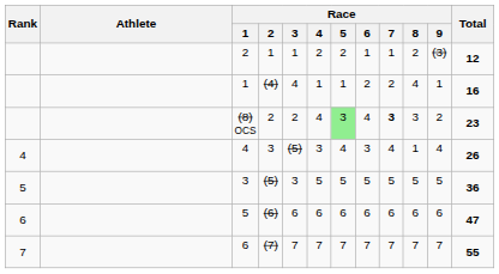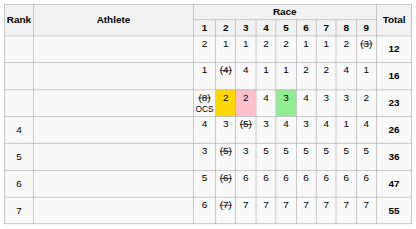 <table | class="wikitable" style="text-align:center">
 <tr>
 <th rowspan="2" width=40>Rank</th>
 <th rowspan="2" width=250>Athlete</th>
 <th colspan="9">Race</th>
 <th rowspan="2" width=50>Total</th>
 </tr>
 <tr>
 <th width=25>1</th>
 <th width=25>2</th>
 <th width=25>3</th>
 <th width=25>4</th>
 <th width=25>5</th>
 <th width=25>6</th>
 <th width=25>7</th>
 <th width=25>8</th>
 <th width=25>9</th>
 </tr>
 <tr>
 <td></td>
 <td align=left></td>
 <td>2<br> </td>
 <td>1<br> </td>
 <td>1<br> </td>
 <td>2<br> </td>
 <td>2<br> </td>
 <td>1<br> </td>
 <td>1<br> </td>
 <td>2<br> </td>
 <td><s>(3)</s><br> </td>
 <td><strong>12</strong></td>
 </tr>
 <tr>
 <td></td>
 <td align=left></td>
 <td>1<br> </td>
 <td><s>(4)</s><br> </td>
 <td>4<br> </td>
 <td>1<br> </td>
 <td>1<br> </td>
 <td>2<br> </td>
 <td>2<br> </td>
 <td>4<br> </td>
 <td>1<br> </td>
 <td><strong>16</strong></td>
 </tr>
 <tr>
 <td></td>
 <td align=left></td>
 <td><s>(8)</s><br><small>OCS</small></td>
-<td>2<br> </td>
-<td>2<br> </td>
+<td style="background: gold;">2<br> </td>
+<td style="background: pink;">2<br> </td>
 <td>4<br> </td>
 <td style="background: lightgreen;">3<br> </td>
 <td>4<br> </td>
-<td><strong>3<br> </strong></td>
+<td>3<br> </td>
 <td>3<br> </td>
 <td>2<br> </td>
 <td><strong>23</strong></td>
 </tr>
 <tr>
 <td>4</td>
 <td align=left></td>
 <td>4<br> </td>
 <td>3<br> </td>
 <td><s>(5)</s><br> </td>
 <td>3<br> </td>
 <td>4<br> </td>
 <td>3<br> </td>
 <td>4<br> </td>
 <td>1<br> </td>
 <td>4<br> </td>
 <td><strong>26</strong></td>
 </tr>
 <tr>
 <td>5</td>
 <td align=left></td>
 <td>3<br> </td>
 <td><s>(5)</s><br> </td>
 <td>3<br> </td>
 <td>5<br> </td>
 <td>5<br> </td>
 <td>5<br> </td>
 <td>5<br> </td>
 <td>5<br> </td>
 <td>5<br> </td>
 <td><strong>36</strong></td>
 </tr>
 <tr>
 <td>6</td>
 <td align=left></td>
 <td>5<br> </td>
 <td><s>(6)</s><br> </td>
 <td>6<br> </td>
 <td>6<br> </td>
 <td>6<br> </td>
 <td>6<br> </td>
 <td>6<br> </td>
 <td>6<br> </td>
 <td>6<br> </td>
 <td><strong>47</strong></td>
 </tr>
 <tr>
 <td>7</td>
 <td align=left></td>
 <td>6<br> </td>
 <td><s>(7)</s><br> </td>
 <td>7<br> </td>
 <td>7<br> </td>
 <td>7<br> </td>
 <td>7<br> </td>
 <td>7<br> </td>
 <td>7<br> </td>
 <td>7<br> </td>
 <td><strong>55</strong></td>
 </tr>
 </table>
